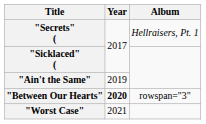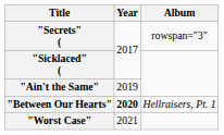 <table class="wikitable plainrowheaders" style="text-align:center;">
 <tr>
 <th scope="col">Title</th>
 <th scope="col">Year</th>
 <th scope="col">Album</th>
 </tr>
 <tr>
 <th scope="row">"Secrets"<br>(</th>
 <td rowspan="2">2017</td>
-<td><em>Hellraisers, Pt. 1</em></td>
+<td>rowspan="3" </td>
 </tr>
 <tr>
 <th scope="row">"Sicklaced"<br>(</th>
 </tr>
 <tr>
 <th scope="row">"Ain't the Same"<br></th>
 <td>2019</td>
 </tr>
 <tr>
 <th scope="row">"Between Our Hearts"<br></th>
 <td><strong>2020</strong></td>
-<td>rowspan="3" </td>
+<td><em>Hellraisers, Pt. 1</em></td>
 </tr>
 <tr>
 <th scope="row">"Worst Case"<br></th>
 <td>2021</td>
 <td></td>
 </tr>
 </table>
